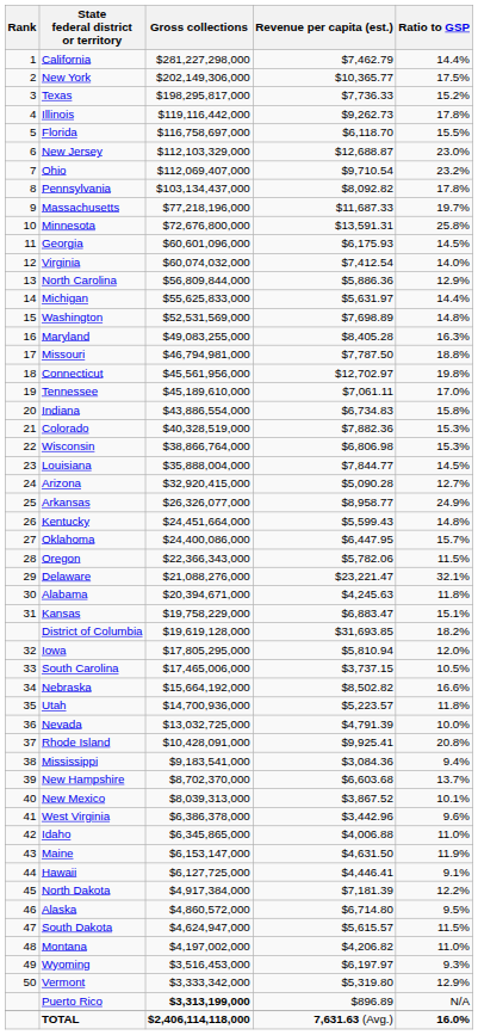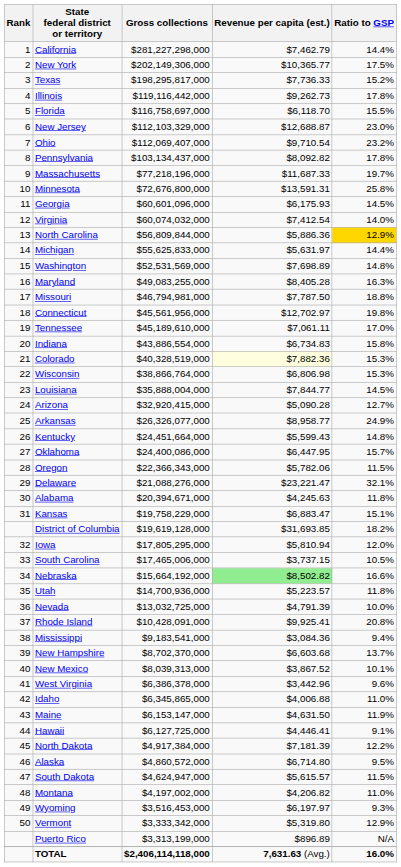 <table class="wikitable sortable">
 <tr>
 <th align=center>Rank</th>
 <th align=center>State<br>federal district<br> or territory</th>
 <th align=center>Gross collections</th>
 <th align=center>Revenue per capita (est.)</th>
 <th align=center>Ratio to <a href='#'>GSP</a></th>
 </tr>
 <tr>
 <td align=right>1</td>
 <td><a href='#'>California</a></td>
 <td align=right>$281,227,298,000</td>
 <td align=right>$7,462.79</td>
 <td align=right>14.4%</td>
 </tr>
 <tr>
 <td align=right>2</td>
 <td><a href='#'>New York</a></td>
 <td align=right>$202,149,306,000</td>
 <td align=right>$10,365.77</td>
 <td align=right>17.5%</td>
 </tr>
 <tr>
 <td align=right>3</td>
 <td><a href='#'>Texas</a></td>
 <td align=right>$198,295,817,000</td>
 <td align=right>$7,736.33</td>
 <td align=right>15.2%</td>
 </tr>
 <tr>
 <td align=right>4</td>
 <td><a href='#'>Illinois</a></td>
 <td align=right>$119,116,442,000</td>
 <td align=right>$9,262.73</td>
 <td align=right>17.8%</td>
 </tr>
 <tr>
 <td align=right>5</td>
 <td><a href='#'>Florida</a></td>
 <td align=right>$116,758,697,000</td>
 <td align=right>$6,118.70</td>
 <td align=right>15.5%</td>
 </tr>
 <tr>
 <td align=right>6</td>
 <td><a href='#'>New Jersey</a></td>
 <td align=right>$112,103,329,000</td>
 <td align=right>$12,688.87</td>
 <td align=right>23.0%</td>
 </tr>
 <tr>
 <td align=right>7</td>
 <td><a href='#'>Ohio</a></td>
 <td align=right>$112,069,407,000</td>
 <td align=right>$9,710.54</td>
 <td align=right>23.2%</td>
 </tr>
 <tr>
 <td align=right>8</td>
 <td><a href='#'>Pennsylvania</a></td>
 <td align=right>$103,134,437,000</td>
 <td align=right>$8,092.82</td>
 <td align=right>17.8%</td>
 </tr>
 <tr>
 <td align=right>9</td>
 <td><a href='#'>Massachusetts</a></td>
 <td align=right>$77,218,196,000</td>
 <td align=right>$11,687.33</td>
 <td align=right>19.7%</td>
 </tr>
 <tr>
 <td align=right>10</td>
 <td><a href='#'>Minnesota</a></td>
 <td align=right>$72,676,800,000</td>
 <td align=right>$13,591.31</td>
 <td align=right>25.8%</td>
 </tr>
 <tr>
 <td align=right>11</td>
 <td><a href='#'>Georgia</a></td>
 <td align=right>$60,601,096,000</td>
 <td align=right>$6,175.93</td>
 <td align=right>14.5%</td>
 </tr>
 <tr>
 <td align=right>12</td>
 <td><a href='#'>Virginia</a></td>
 <td align=right>$60,074,032,000</td>
 <td align=right>$7,412.54</td>
 <td align=right>14.0%</td>
 </tr>
 <tr>
 <td align=right>13</td>
 <td><a href='#'>North Carolina</a></td>
 <td align=right>$56,809,844,000</td>
 <td align=right>$5,886.36</td>
-<td align=right>12.9%</td>
+<td align=right style="background: gold;">12.9%</td>
 </tr>
 <tr>
 <td align=right>14</td>
 <td><a href='#'>Michigan</a></td>
 <td align=right>$55,625,833,000</td>
 <td align=right>$5,631.97</td>
 <td align=right>14.4%</td>
 </tr>
 <tr>
 <td align=right>15</td>
 <td><a href='#'>Washington</a></td>
 <td align=right>$52,531,569,000</td>
 <td align=right>$7,698.89</td>
 <td align=right>14.8%</td>
 </tr>
 <tr>
 <td align=right>16</td>
 <td><a href='#'>Maryland</a></td>
 <td align=right>$49,083,255,000</td>
 <td align=right>$8,405.28</td>
 <td align=right>16.3%</td>
 </tr>
 <tr>
 <td align=right>17</td>
 <td><a href='#'>Missouri</a></td>
 <td align=right>$46,794,981,000</td>
 <td align=right>$7,787.50</td>
 <td align=right>18.8%</td>
 </tr>
 <tr>
 <td align=right>18</td>
 <td><a href='#'>Connecticut</a></td>
 <td align=right>$45,561,956,000</td>
 <td align=right>$12,702.97</td>
 <td align=right>19.8%</td>
 </tr>
 <tr>
 <td align=right>19</td>
 <td><a href='#'>Tennessee</a></td>
 <td align=right>$45,189,610,000</td>
 <td align=right>$7,061.11</td>
 <td align=right>17.0%</td>
 </tr>
 <tr>
 <td align=right>20</td>
 <td><a href='#'>Indiana</a></td>
 <td align=right>$43,886,554,000</td>
 <td align=right>$6,734.83</td>
 <td align=right>15.8%</td>
 </tr>
 <tr>
 <td align=right>21</td>
 <td><a href='#'>Colorado</a></td>
 <td align=right>$40,328,519,000</td>
-<td align=right>$7,882.36</td>
+<td align=right style="background: lightyellow;">$7,882.36</td>
 <td align=right>15.3%</td>
 </tr>
 <tr>
 <td align=right>22</td>
 <td><a href='#'>Wisconsin</a></td>
 <td align=right>$38,866,764,000</td>
 <td align=right>$6,806.98</td>
 <td align=right>15.3%</td>
 </tr>
 <tr>
 <td align=right>23</td>
 <td><a href='#'>Louisiana</a></td>
 <td align=right>$35,888,004,000</td>
 <td align=right>$7,844.77</td>
 <td align=right>14.5%</td>
 </tr>
 <tr>
 <td align=right>24</td>
 <td><a href='#'>Arizona</a></td>
 <td align=right>$32,920,415,000</td>
 <td align=right>$5,090.28</td>
 <td align=right>12.7%</td>
 </tr>
 <tr>
 <td align=right>25</td>
 <td><a href='#'>Arkansas</a></td>
 <td align=right>$26,326,077,000</td>
 <td align=right>$8,958.77</td>
 <td align=right>24.9%</td>
 </tr>
 <tr>
 <td align=right>26</td>
 <td><a href='#'>Kentucky</a></td>
 <td align=right>$24,451,664,000</td>
 <td align=right>$5,599.43</td>
 <td align=right>14.8%</td>
 </tr>
 <tr>
 <td align=right>27</td>
 <td><a href='#'>Oklahoma</a></td>
 <td align=right>$24,400,086,000</td>
 <td align=right>$6,447.95</td>
 <td align=right>15.7%</td>
 </tr>
 <tr>
 <td align=right>28</td>
 <td><a href='#'>Oregon</a></td>
 <td align=right>$22,366,343,000</td>
 <td align=right>$5,782.06</td>
 <td align=right>11.5%</td>
 </tr>
 <tr>
 <td align=right>29</td>
 <td><a href='#'>Delaware</a></td>
 <td align=right>$21,088,276,000</td>
 <td align=right>$23,221.47</td>
 <td align=right>32.1%</td>
 </tr>
 <tr>
 <td align=right>30</td>
 <td><a href='#'>Alabama</a></td>
 <td align=right>$20,394,671,000</td>
 <td align=right>$4,245.63</td>
 <td align=right>11.8%</td>
 </tr>
 <tr>
 <td align=right>31</td>
 <td><a href='#'>Kansas</a></td>
 <td align=right>$19,758,229,000</td>
 <td align=right>$6,883.47</td>
 <td align=right>15.1%</td>
 </tr>
 <tr>
 <td></td>
 <td><a href='#'>District of Columbia</a></td>
 <td align=right>$19,619,128,000</td>
 <td align=right>$31,693.85</td>
 <td align=right>18.2%</td>
 </tr>
 <tr>
 <td align=right>32</td>
 <td><a href='#'>Iowa</a></td>
 <td align=right>$17,805,295,000</td>
 <td align=right>$5,810.94</td>
 <td align=right>12.0%</td>
 </tr>
 <tr>
 <td align=right>33</td>
 <td><a href='#'>South Carolina</a></td>
 <td align=right>$17,465,006,000</td>
 <td align=right>$3,737.15</td>
 <td align=right>10.5%</td>
 </tr>
 <tr>
 <td align=right>34</td>
 <td><a href='#'>Nebraska</a></td>
 <td align=right>$15,664,192,000</td>
-<td align=right>$8,502.82</td>
+<td align=right style="background: lightgreen;">$8,502.82</td>
 <td align=right>16.6%</td>
 </tr>
 <tr>
 <td align=right>35</td>
 <td><a href='#'>Utah</a></td>
 <td align=right>$14,700,936,000</td>
 <td align=right>$5,223.57</td>
 <td align=right>11.8%</td>
 </tr>
 <tr>
 <td align=right>36</td>
 <td><a href='#'>Nevada</a></td>
 <td align=right>$13,032,725,000</td>
 <td align=right>$4,791.39</td>
 <td align=right>10.0%</td>
 </tr>
 <tr>
 <td align=right>37</td>
 <td><a href='#'>Rhode Island</a></td>
 <td align=right>$10,428,091,000</td>
 <td align=right>$9,925.41</td>
 <td align=right>20.8%</td>
 </tr>
 <tr>
 <td align=right>38</td>
 <td><a href='#'>Mississippi</a></td>
 <td align=right>$9,183,541,000</td>
 <td align=right>$3,084.36</td>
 <td align=right>9.4%</td>
 </tr>
 <tr>
 <td align=right>39</td>
 <td><a href='#'>New Hampshire</a></td>
 <td align=right>$8,702,370,000</td>
 <td align=right>$6,603.68</td>
 <td align=right>13.7%</td>
 </tr>
 <tr>
 <td align=right>40</td>
 <td><a href='#'>New Mexico</a></td>
 <td align=right>$8,039,313,000</td>
 <td align=right>$3,867.52</td>
 <td align=right>10.1%</td>
 </tr>
 <tr>
 <td align=right>41</td>
 <td><a href='#'>West Virginia</a></td>
 <td align=right>$6,386,378,000</td>
 <td align=right>$3,442.96</td>
 <td align=right>9.6%</td>
 </tr>
 <tr>
 <td align=right>42</td>
 <td><a href='#'>Idaho</a></td>
 <td align=right>$6,345,865,000</td>
 <td align=right>$4,006.88</td>
 <td align=right>11.0%</td>
 </tr>
 <tr>
 <td align=right>43</td>
 <td><a href='#'>Maine</a></td>
 <td align=right>$6,153,147,000</td>
 <td align=right>$4,631.50</td>
 <td align=right>11.9%</td>
 </tr>
 <tr>
 <td align=right>44</td>
 <td><a href='#'>Hawaii</a></td>
 <td align=right>$6,127,725,000</td>
 <td align=right>$4,446.41</td>
 <td align=right>9.1%</td>
 </tr>
 <tr>
 <td align=right>45</td>
 <td><a href='#'>North Dakota</a></td>
 <td align=right>$4,917,384,000</td>
 <td align=right>$7,181.39</td>
 <td align=right>12.2%</td>
 </tr>
 <tr>
 <td align=right>46</td>
 <td><a href='#'>Alaska</a></td>
 <td align=right>$4,860,572,000</td>
 <td align=right>$6,714.80</td>
 <td align=right>9.5%</td>
 </tr>
 <tr>
 <td align=right>47</td>
 <td><a href='#'>South Dakota</a></td>
 <td align=right>$4,624,947,000</td>
 <td align=right>$5,615.57</td>
 <td align=right>11.5%</td>
 </tr>
 <tr>
 <td align=right>48</td>
 <td><a href='#'>Montana</a></td>
 <td align=right>$4,197,002,000</td>
 <td align=right>$4,206.82</td>
 <td align=right>11.0%</td>
 </tr>
 <tr>
 <td align=right>49</td>
 <td><a href='#'>Wyoming</a></td>
 <td align=right>$3,516,453,000</td>
 <td align=right>$6,197.97</td>
 <td align=right>9.3%</td>
 </tr>
 <tr>
 <td align=right>50</td>
 <td><a href='#'>Vermont</a></td>
 <td align=right>$3,333,342,000</td>
 <td align=right>$5,319.80</td>
 <td align=right>12.9%</td>
 </tr>
 <tr>
 <td align=right></td>
 <td><a href='#'>Puerto Rico</a></td>
-<td align=right><strong>$3,313,199,000</strong></td>
+<td align=right>$3,313,199,000</td>
 <td align=right>$896.89</td>
 <td align=right>N/A</td>
 </tr>
 <tr>
 </tr>
 <tr class="sortbottom">
 <td align=right></td>
 <td><strong>TOTAL</strong></td>
 <td align=right><strong>$2,406,114,118,000</strong></td>
 <td align=right><strong>7,631.63</strong> (Avg.)</td>
 <td align=right><strong>16.0%</strong></td>
 </tr>
 </table>
